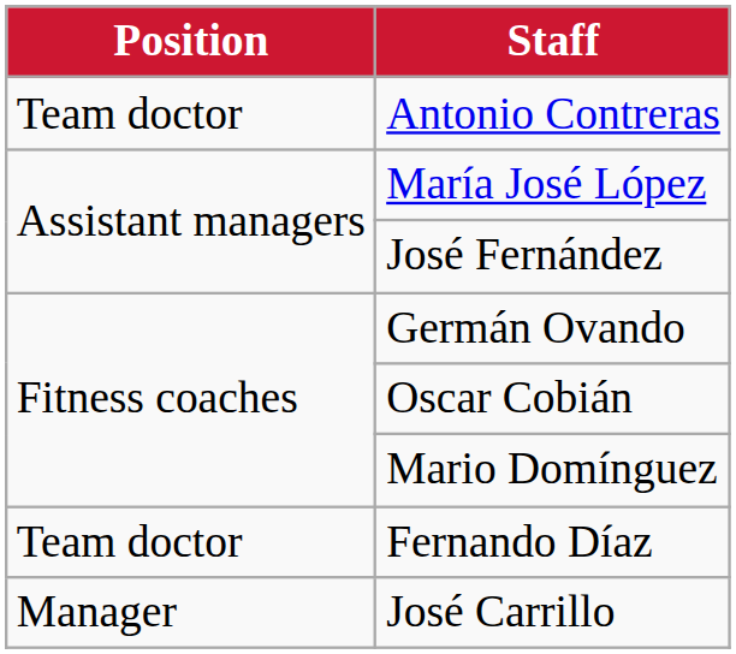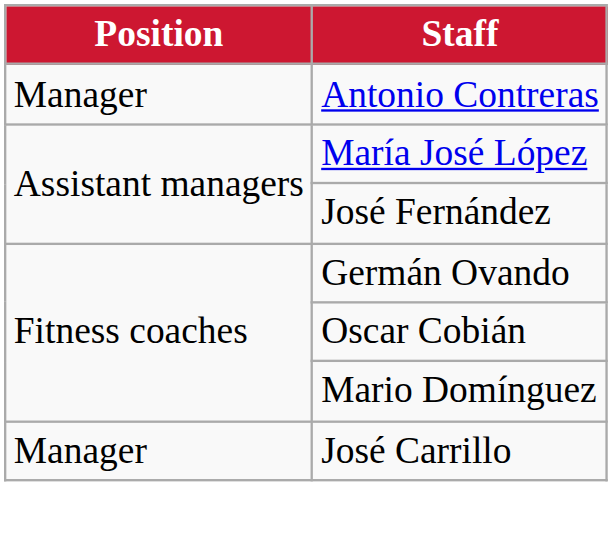 <table class="wikitable">
 <tr>
 <th style=background-color:#CD1731;color:#FFFFFF>Position</th>
 <th style=background-color:#CD1731;color:#FFFFFF>Staff</th>
 </tr>
 <tr>
-<td>Team doctor</td>
+<td>Manager</td>
 <td> <a href='#'>Antonio Contreras</a></td>
 </tr>
 <tr>
 <td rowspan="2">Assistant managers</td>
 <td> <a href='#'>María José López</a></td>
 </tr>
 <tr>
 <td> José Fernández</td>
 </tr>
 <tr>
 <td rowspan="3">Fitness coaches</td>
 <td> Germán Ovando</td>
 </tr>
 <tr>
 <td> Oscar Cobián</td>
 </tr>
 <tr>
 <td> Mario Domínguez</td>
 </tr>
 <tr>
-<td>Team doctor</td>
-<td> Fernando Díaz</td>
-</tr>
-<tr>
 <td>Manager</td>
 <td> José Carrillo</td>
 </tr>
 </table>
